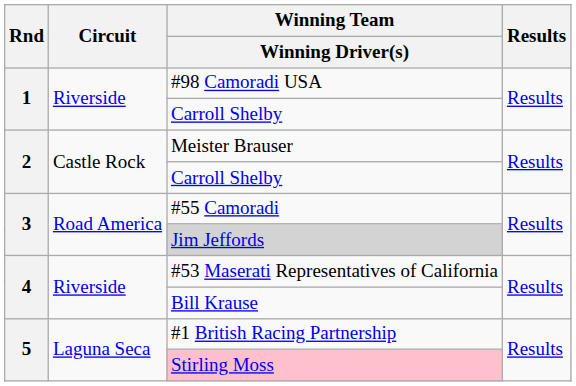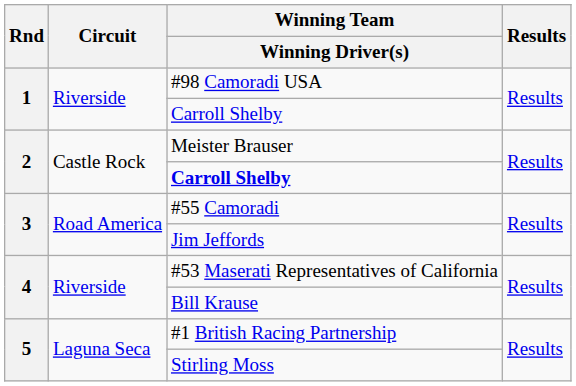 <table class="wikitable" style="font-size: 90%;">
 <tr>
 <th rowspan=2>Rnd</th>
 <th rowspan=2>Circuit</th>
 <th>Winning Team</th>
 <th rowspan=2>Results</th>
 </tr>
 <tr>
 <th>Winning Driver(s)</th>
 </tr>
 <tr>
 <th rowspan=2>1</th>
 <td rowspan=2><a href='#'>Riverside</a></td>
 <td>#98 <a href='#'>Camoradi</a> USA</td>
 <td rowspan=2><a href='#'>Results</a></td>
 </tr>
 <tr>
 <td> <a href='#'>Carroll Shelby</a></td>
 </tr>
 <tr>
 <th rowspan=2>2</th>
 <td rowspan=2>Castle Rock</td>
 <td>Meister Brauser</td>
 <td rowspan=2><a href='#'>Results</a></td>
 </tr>
 <tr>
-<td> <a href='#'>Carroll Shelby</a></td>
+<td><strong> <a href='#'>Carroll Shelby</a></strong></td>
 </tr>
 <tr>
 <th rowspan=2>3</th>
 <td rowspan=2><a href='#'>Road America</a></td>
 <td>#55 <a href='#'>Camoradi</a></td>
 <td rowspan=2><a href='#'>Results</a></td>
 </tr>
 <tr>
-<td style="background: lightgrey;"> <a href='#'>Jim Jeffords</a></td>
+<td> <a href='#'>Jim Jeffords</a></td>
 </tr>
 <tr>
 <th rowspan=2>4</th>
 <td rowspan=2><a href='#'>Riverside</a></td>
 <td>#53 <a href='#'>Maserati</a> Representatives of California</td>
 <td rowspan=2><a href='#'>Results</a></td>
 </tr>
 <tr>
 <td> <a href='#'>Bill Krause</a></td>
 </tr>
 <tr>
 <th rowspan=2>5</th>
 <td rowspan=2><a href='#'>Laguna Seca</a></td>
 <td>#1 <a href='#'>British Racing Partnership</a></td>
 <td rowspan=2><a href='#'>Results</a></td>
 </tr>
 <tr>
-<td style="background: pink;"> <a href='#'>Stirling Moss</a></td>
+<td> <a href='#'>Stirling Moss</a></td>
 </tr>
 </table>
